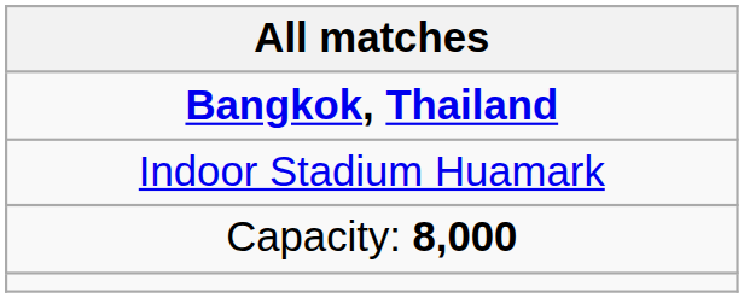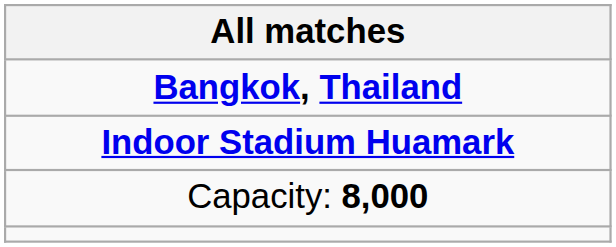 <table class="wikitable" style="text-align:center" width=280>
 <tr>
 <th>All matches</th>
 </tr>
 <tr>
 <td><strong><a href='#'>Bangkok</a>, <a href='#'>Thailand</a></strong></td>
 </tr>
 <tr>
-<td><a href='#'>Indoor Stadium Huamark</a></td>
+<td><strong><a href='#'>Indoor Stadium Huamark</a></strong></td>
 </tr>
 <tr>
 <td>Capacity: <strong>8,000</strong></td>
 </tr>
 <tr>
 <td></td>
 </tr>
 </table>
